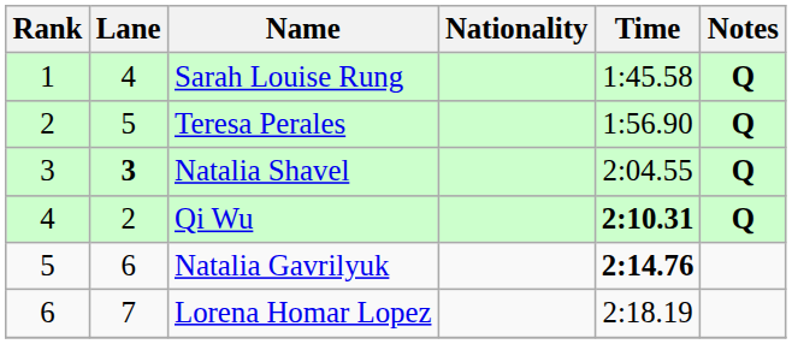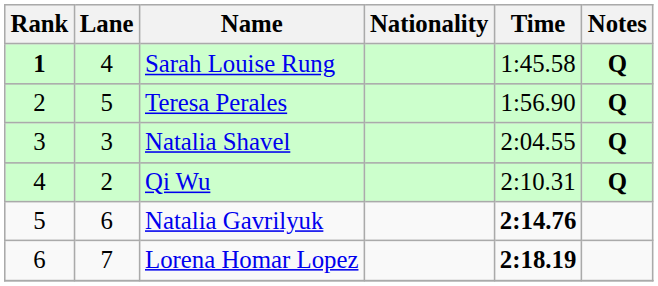 <table class="wikitable">
 <tr>
 <th>Rank</th>
 <th>Lane</th>
 <th>Name</th>
 <th>Nationality</th>
 <th>Time</th>
 <th>Notes</th>
 </tr>
 <tr bgcolor=ccffcc>
-<td align=center>1</td>
+<td align=center><strong>1</strong></td>
 <td align=center>4</td>
 <td><a href='#'>Sarah Louise Rung</a></td>
 <td></td>
 <td align=center>1:45.58</td>
 <td align=center><strong>Q</strong></td>
 </tr>
 <tr bgcolor=ccffcc>
 <td align=center>2</td>
 <td align=center>5</td>
 <td><a href='#'>Teresa Perales</a></td>
 <td></td>
 <td align=center>1:56.90</td>
 <td align=center><strong>Q</strong></td>
 </tr>
 <tr bgcolor=ccffcc>
 <td align=center>3</td>
-<td align=center><strong>3</strong></td>
+<td align=center>3</td>
 <td><a href='#'>Natalia Shavel</a></td>
 <td></td>
 <td align=center>2:04.55</td>
 <td align=center><strong>Q</strong></td>
 </tr>
 <tr bgcolor=ccffcc>
 <td align=center>4</td>
 <td align=center>2</td>
 <td><a href='#'>Qi Wu</a></td>
 <td></td>
-<td align=center><strong>2:10.31</strong></td>
+<td align=center>2:10.31</td>
 <td align=center><strong>Q</strong></td>
 </tr>
 <tr>
 <td align=center>5</td>
 <td align=center>6</td>
 <td><a href='#'>Natalia Gavrilyuk</a></td>
 <td></td>
 <td align=center><strong>2:14.76</strong></td>
 <td align=center></td>
 </tr>
 <tr>
 <td align=center>6</td>
 <td align=center>7</td>
 <td><a href='#'>Lorena Homar Lopez</a></td>
 <td></td>
-<td align=center>2:18.19</td>
+<td align=center><strong>2:18.19</strong></td>
 <td align=center></td>
 </tr>
 <tr>
 </tr>
 </table>
